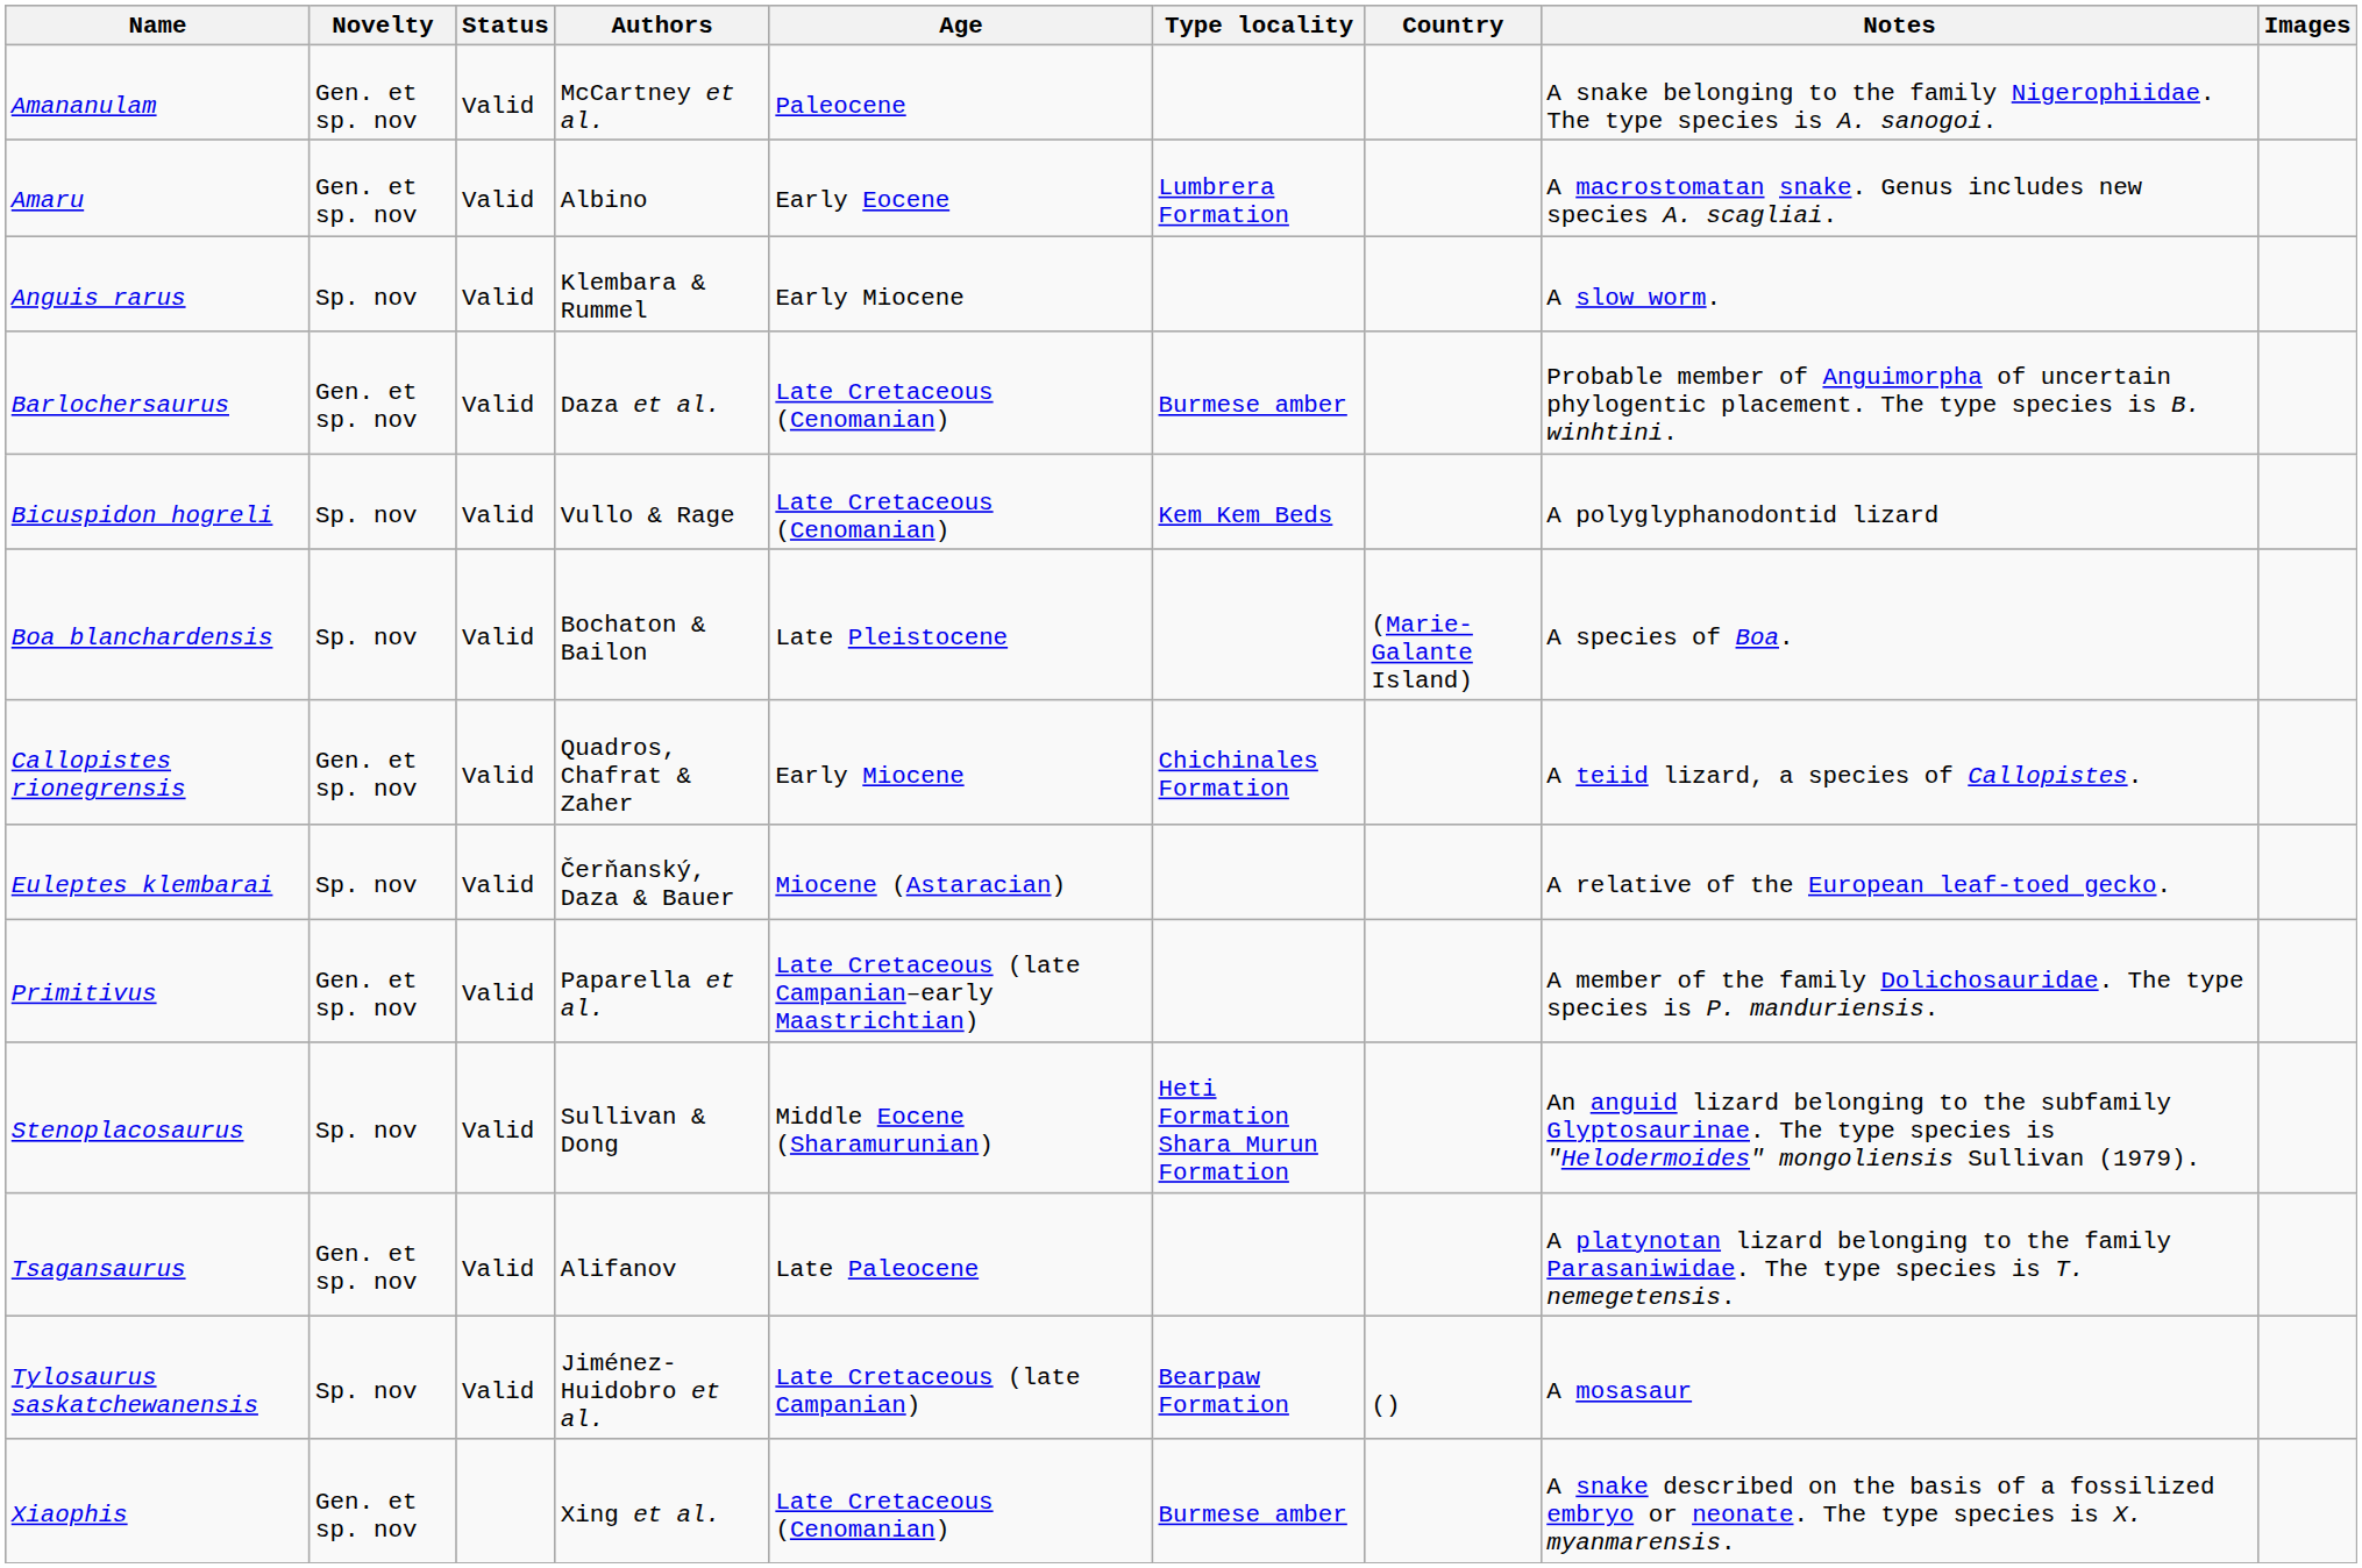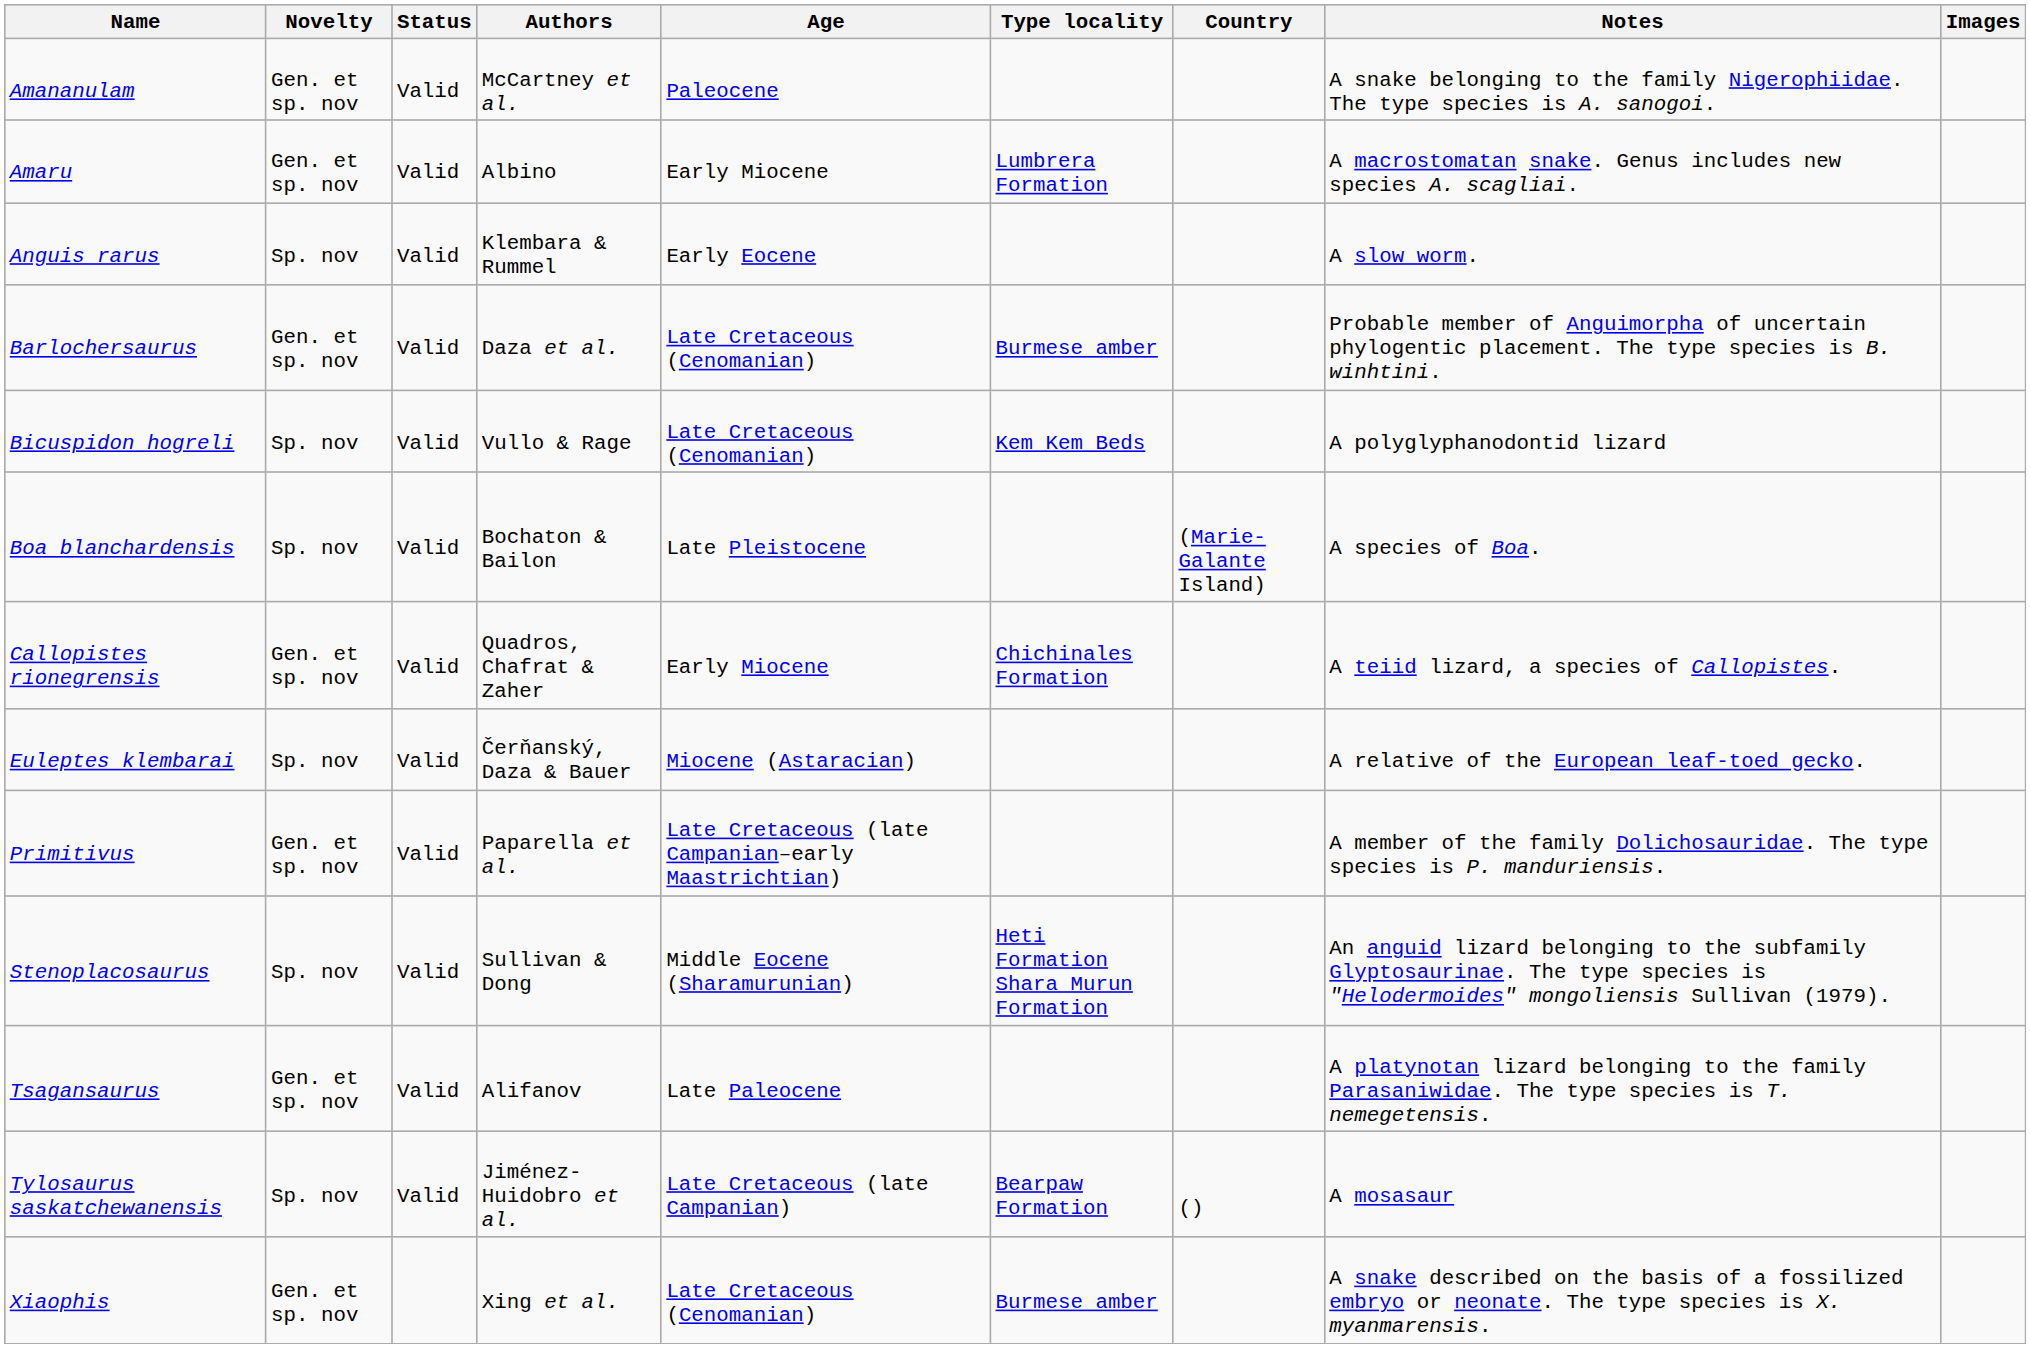 <table class="wikitable sortable" align="center" width="100%">
 <tr>
 <th>Name</th>
 <th>Novelty</th>
 <th>Status</th>
 <th>Authors</th>
 <th>Age</th>
 <th>Type locality</th>
 <th>Country</th>
 <th>Notes</th>
 <th>Images</th>
 </tr>
 <tr>
 <td><br><em><a href='#'>Amananulam</a></em></td>
 <td><br>Gen. et sp. nov</td>
 <td><br>Valid</td>
 <td><br>McCartney <em>et al.</em></td>
 <td><br><a href='#'>Paleocene</a></td>
 <td></td>
 <td><br></td>
 <td><br>A snake belonging to the family <a href='#'>Nigerophiidae</a>. The type species is <em>A. sanogoi</em>.</td>
 <td></td>
 </tr>
 <tr>
 <td><br><em><a href='#'>Amaru</a></em></td>
 <td><br>Gen. et sp. nov</td>
 <td><br>Valid</td>
 <td><br>Albino</td>
-<td><br>Early <a href='#'>Eocene</a></td>
+<td><br>Early Miocene</td>
 <td><br><a href='#'>Lumbrera Formation</a></td>
 <td><br></td>
 <td><br>A <a href='#'>macrostomatan</a> <a href='#'>snake</a>. Genus includes new species <em>A. scagliai</em>.</td>
 <td></td>
 </tr>
 <tr>
 <td><br><em><a href='#'>Anguis rarus</a></em></td>
 <td><br>Sp. nov</td>
 <td><br>Valid</td>
 <td><br>Klembara & Rummel</td>
-<td><br>Early Miocene</td>
+<td><br>Early <a href='#'>Eocene</a></td>
 <td></td>
 <td><br></td>
 <td><br>A <a href='#'>slow worm</a>.</td>
 <td></td>
 </tr>
 <tr>
 <td><br><em><a href='#'>Barlochersaurus</a></em></td>
 <td><br>Gen. et sp. nov</td>
 <td><br>Valid</td>
 <td><br>Daza <em>et al.</em></td>
 <td><br><a href='#'>Late Cretaceous</a> (<a href='#'>Cenomanian</a>)</td>
 <td><br><a href='#'>Burmese amber</a></td>
 <td><br></td>
 <td><br>Probable member of <a href='#'>Anguimorpha</a> of uncertain phylogentic placement. The type species is <em>B. winhtini</em>.</td>
 <td></td>
 </tr>
 <tr>
 <td><br><em><a href='#'>Bicuspidon hogreli</a></em></td>
 <td><br>Sp. nov</td>
 <td><br>Valid</td>
 <td><br>Vullo & Rage</td>
 <td><br><a href='#'>Late Cretaceous</a> (<a href='#'>Cenomanian</a>)</td>
 <td><br><a href='#'>Kem Kem Beds</a></td>
 <td><br></td>
 <td><br>A polyglyphanodontid lizard</td>
 <td></td>
 </tr>
 <tr>
 <td><br><em><a href='#'>Boa blanchardensis</a></em></td>
 <td><br>Sp. nov</td>
 <td><br>Valid</td>
 <td><br>Bochaton & Bailon</td>
 <td><br>Late <a href='#'>Pleistocene</a></td>
 <td></td>
 <td><br><br>(<a href='#'>Marie-Galante</a> Island)</td>
 <td><br>A species of <em><a href='#'>Boa</a></em>.</td>
 <td></td>
 </tr>
 <tr>
 <td><br><em><a href='#'>Callopistes rionegrensis</a></em></td>
 <td><br>Gen. et sp. nov</td>
 <td><br>Valid</td>
 <td><br>Quadros, Chafrat & Zaher</td>
 <td><br>Early <a href='#'>Miocene</a></td>
 <td><br><a href='#'>Chichinales Formation</a></td>
 <td><br></td>
 <td><br>A <a href='#'>teiid</a> lizard, a species of <em><a href='#'>Callopistes</a></em>.</td>
 <td></td>
 </tr>
 <tr>
 <td><br><em><a href='#'>Euleptes klembarai</a></em></td>
 <td><br>Sp. nov</td>
 <td><br>Valid</td>
 <td><br>Čerňanský, Daza & Bauer</td>
 <td><br><a href='#'>Miocene</a> (<a href='#'>Astaracian</a>)</td>
 <td></td>
 <td><br></td>
 <td><br>A relative of the <a href='#'>European leaf-toed gecko</a>.</td>
 <td></td>
 </tr>
 <tr>
 <td><br><em><a href='#'>Primitivus</a></em></td>
 <td><br>Gen. et sp. nov</td>
 <td><br>Valid</td>
 <td><br>Paparella <em>et al.</em></td>
 <td><br><a href='#'>Late Cretaceous</a> (late <a href='#'>Campanian</a>–early <a href='#'>Maastrichtian</a>)</td>
 <td></td>
 <td><br></td>
 <td><br>A member of the family <a href='#'>Dolichosauridae</a>. The type species is <em>P. manduriensis</em>.</td>
 <td></td>
 </tr>
 <tr>
 <td><br><em><a href='#'>Stenoplacosaurus</a></em></td>
 <td><br>Sp. nov</td>
 <td><br>Valid</td>
 <td><br>Sullivan & Dong</td>
 <td><br>Middle <a href='#'>Eocene</a> (<a href='#'>Sharamurunian</a>)</td>
 <td><br><a href='#'>Heti Formation</a><br> <a href='#'>Shara Murun Formation</a></td>
 <td><br></td>
 <td><br>An <a href='#'>anguid</a> lizard belonging to the subfamily <a href='#'>Glyptosaurinae</a>. The type species is <em>"<a href='#'>Helodermoides</a>" mongoliensis</em> Sullivan (1979).</td>
 <td></td>
 </tr>
 <tr>
 <td><br><em><a href='#'>Tsagansaurus</a></em></td>
 <td><br>Gen. et sp. nov</td>
 <td><br>Valid</td>
 <td><br>Alifanov</td>
 <td><br>Late <a href='#'>Paleocene</a></td>
 <td></td>
 <td><br></td>
 <td><br>A <a href='#'>platynotan</a> lizard belonging to the family <a href='#'>Parasaniwidae</a>. The type species is <em>T. nemegetensis</em>.</td>
 <td></td>
 </tr>
 <tr>
 <td><br><em><a href='#'>Tylosaurus saskatchewanensis</a></em></td>
 <td><br>Sp. nov</td>
 <td><br>Valid</td>
 <td><br>Jiménez-Huidobro <em>et al.</em></td>
 <td><br><a href='#'>Late Cretaceous</a> (late <a href='#'>Campanian</a>)</td>
 <td><br><a href='#'>Bearpaw Formation</a></td>
 <td><br><br>()</td>
 <td><br>A <a href='#'>mosasaur</a></td>
 <td></td>
 </tr>
 <tr>
 <td><br><em><a href='#'>Xiaophis</a></em></td>
 <td><br>Gen. et sp. nov</td>
 <td></td>
 <td><br>Xing <em>et al.</em></td>
 <td><br><a href='#'>Late Cretaceous</a> (<a href='#'>Cenomanian</a>)</td>
 <td><br><a href='#'>Burmese amber</a></td>
 <td><br></td>
 <td><br>A <a href='#'>snake</a> described on the basis of a fossilized <a href='#'>embryo</a> or <a href='#'>neonate</a>. The type species is <em>X. myanmarensis</em>.</td>
 <td></td>
 </tr>
 <tr>
 </tr>
 </table>
